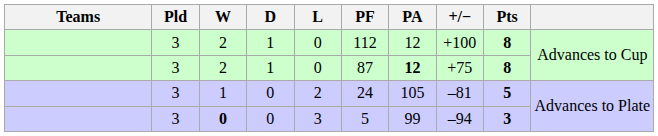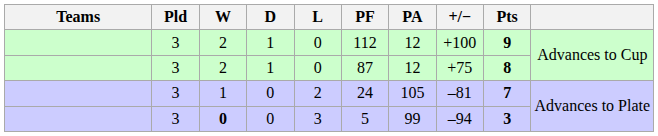 <table class="wikitable" style="text-align: center;">
 <tr>
 <th width="140">Teams</th>
 <th width="40">Pld</th>
 <th width="40">W</th>
 <th width="40">D</th>
 <th width="40">L</th>
 <th width="40">PF</th>
 <th width="40">PA</th>
 <th width="40">+/−</th>
 <th width="40">Pts</th>
 <th></th>
 </tr>
 <tr bgcolor="ccffcc">
 <td align="left"></td>
 <td>3</td>
 <td>2</td>
 <td>1</td>
 <td>0</td>
 <td>112</td>
 <td>12</td>
 <td>+100</td>
-<td><strong>8</strong></td>
+<td><strong>9</strong></td>
 <td rowspan="2">Advances to Cup</td>
 </tr>
 <tr bgcolor="ccffcc">
 <td align="left"></td>
 <td>3</td>
 <td>2</td>
 <td>1</td>
 <td>0</td>
 <td>87</td>
-<td><strong>12</strong></td>
+<td>12</td>
 <td>+75</td>
 <td><strong>8</strong></td>
 </tr>
 <tr bgcolor="ccccff">
 <td align="left"></td>
 <td>3</td>
 <td>1</td>
 <td>0</td>
 <td>2</td>
 <td>24</td>
 <td>105</td>
 <td>–81</td>
-<td><strong>5</strong></td>
+<td><strong>7</strong></td>
 <td rowspan="2">Advances to Plate</td>
 </tr>
 <tr bgcolor="ccccff">
 <td align="left"></td>
 <td>3</td>
 <td><strong>0</strong></td>
 <td>0</td>
 <td>3</td>
 <td>5</td>
 <td>99</td>
 <td>–94</td>
 <td><strong>3</strong></td>
 </tr>
 </table>
